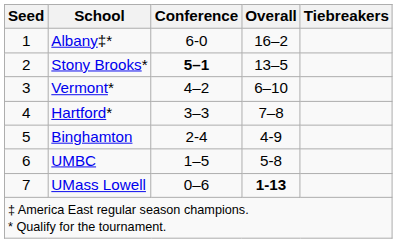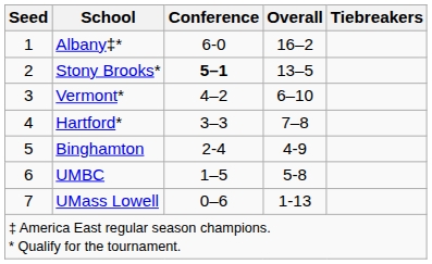 <table class="wikitable" style="text-align:center">
 <tr>
 <th>Seed</th>
 <th>School</th>
 <th>Conference</th>
 <th>Overall</th>
 <th>Tiebreakers</th>
 </tr>
 <tr>
 <td>1</td>
 <td align=left><a href='#'>Albany</a>‡*</td>
 <td>6-0</td>
 <td>16–2</td>
 <td></td>
 </tr>
 <tr>
 <td>2</td>
 <td align=left><a href='#'>Stony Brooks</a>*</td>
 <td><strong>5–1</strong></td>
 <td>13–5</td>
 <td></td>
 </tr>
 <tr>
 <td>3</td>
 <td align=left><a href='#'>Vermont</a>*</td>
 <td>4–2</td>
 <td>6–10</td>
 <td></td>
 </tr>
 <tr>
 <td>4</td>
 <td align=left><a href='#'>Hartford</a>*</td>
 <td>3–3</td>
 <td>7–8</td>
 <td></td>
 </tr>
 <tr>
 <td>5</td>
 <td align=left><a href='#'>Binghamton</a></td>
 <td>2-4</td>
 <td>4-9</td>
 <td></td>
 </tr>
 <tr>
 <td>6</td>
 <td align=left><a href='#'>UMBC</a></td>
 <td>1–5</td>
 <td>5-8</td>
 <td></td>
 </tr>
 <tr>
 <td>7</td>
 <td align=left><a href='#'>UMass Lowell</a></td>
 <td>0–6</td>
-<td><strong>1-13</strong></td>
+<td>1-13</td>
 <td></td>
 </tr>
 <tr>
 <td colspan=8 align=left><small>‡ America East regular season champions.<br>* Qualify for the tournament.</small></td>
 </tr>
 </table>
